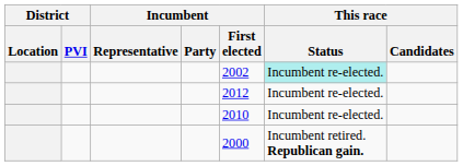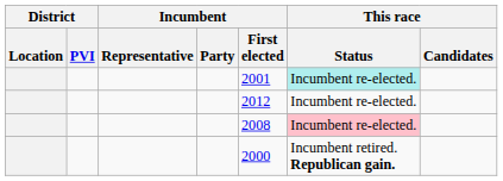 <table class="wikitable sortable">
 <tr valign=bottom>
 <th colspan=2>District</th>
 <th colspan=3>Incumbent</th>
 <th colspan=2>This race</th>
 </tr>
 <tr valign=bottom>
 <th>Location</th>
 <th><a href='#'>PVI</a></th>
 <th>Representative</th>
 <th>Party</th>
 <th>First<br>elected</th>
 <th>Status</th>
 <th>Candidates</th>
 </tr>
 <tr>
 <th></th>
 <td></td>
 <td></td>
 <td></td>
-<td><a href='#'>2002</a></td>
+<td><a href='#'>2001</a></td>
 <td style="background: paleturquoise;">Incumbent re-elected.</td>
 <td nowrap></td>
 </tr>
 <tr>
 <th></th>
 <td></td>
 <td></td>
 <td></td>
 <td><a href='#'>2012</a></td>
 <td>Incumbent re-elected.</td>
 <td nowrap></td>
 </tr>
 <tr>
 <th></th>
 <td></td>
 <td></td>
 <td></td>
-<td><a href='#'>2010</a></td>
-<td>Incumbent re-elected.</td>
+<td><a href='#'>2008</a></td>
+<td style="background: pink;">Incumbent re-elected.</td>
 <td nowrap></td>
 </tr>
 <tr>
 <th></th>
 <td></td>
 <td></td>
 <td></td>
 <td><a href='#'>2000</a></td>
 <td>Incumbent retired.<br><strong>Republican gain.</strong></td>
 <td nowrap><br></td>
 </tr>
 </table>
